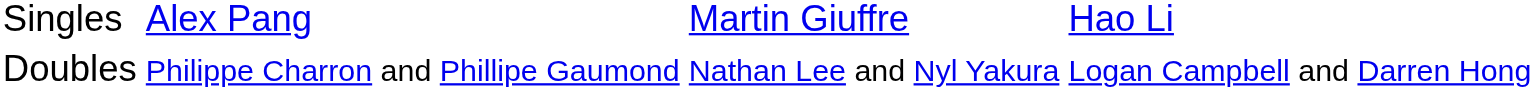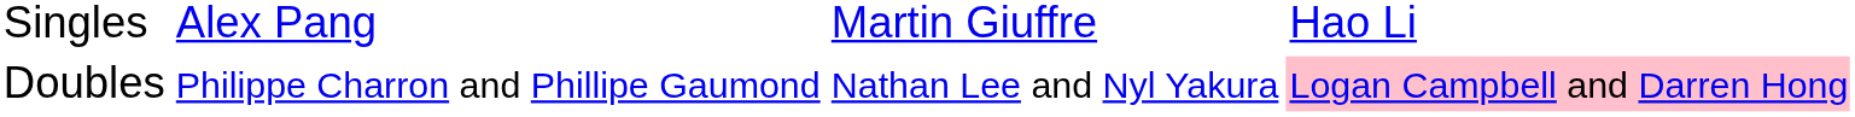 <table>
 <tr>
 <td>Singles</td>
 <td><a href='#'>Alex Pang</a><br></td>
 <td><a href='#'>Martin Giuffre</a><br></td>
 <td><a href='#'>Hao Li</a><br></td>
 </tr>
 <tr>
 <td>Doubles</td>
 <td><small><a href='#'>Philippe Charron</a> and <a href='#'>Phillipe Gaumond</a></small><br></td>
 <td><small><a href='#'>Nathan Lee</a> and <a href='#'>Nyl Yakura</a></small><br></td>
-<td><small><a href='#'>Logan Campbell</a> and <a href='#'>Darren Hong</a></small><br></td>
+<td style="background: pink;"><small><a href='#'>Logan Campbell</a> and <a href='#'>Darren Hong</a></small><br></td>
 </tr>
 </table>
